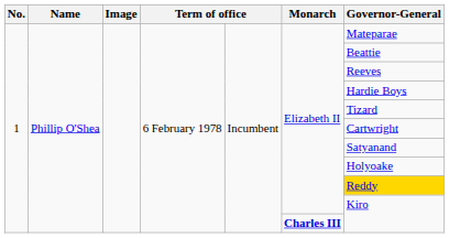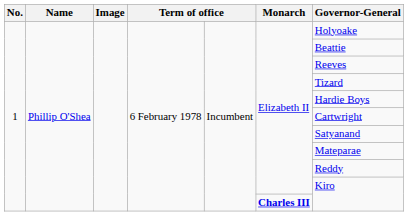 <table class="wikitable">
 <tr>
 <th>No.</th>
 <th>Name</th>
 <th>Image</th>
 <th colspan="2">Term of office</th>
 <th>Monarch</th>
 <th>Governor-General</th>
 </tr>
 <tr>
 <td rowspan="11" align="center">1</td>
 <td rowspan="11"><a href='#'>Phillip O'Shea</a></td>
 <td rowspan="11" align="center"></td>
 <td rowspan="11">6 February 1978</td>
 <td rowspan="11">Incumbent</td>
 <td rowspan="10"><a href='#'>Elizabeth II</a></td>
-<td><a href='#'>Mateparae</a></td>
+<td><a href='#'>Holyoake</a></td>
 </tr>
 <tr>
 <td><a href='#'>Beattie</a></td>
 </tr>
 <tr>
 <td><a href='#'>Reeves</a></td>
 </tr>
 <tr>
-<td><a href='#'>Hardie Boys</a></td>
+<td><a href='#'>Tizard</a></td>
 </tr>
 <tr>
-<td><a href='#'>Tizard</a></td>
+<td><a href='#'>Hardie Boys</a></td>
 </tr>
 <tr>
 <td><a href='#'>Cartwright</a></td>
 </tr>
 <tr>
 <td><a href='#'>Satyanand</a></td>
 </tr>
 <tr>
-<td><a href='#'>Holyoake</a></td>
+<td><a href='#'>Mateparae</a></td>
 </tr>
 <tr>
-<td style="background: gold;"><a href='#'>Reddy</a></td>
+<td><a href='#'>Reddy</a></td>
 </tr>
 <tr>
 <td style='border-style: none solid none solid ;'><a href='#'>Kiro</a></td>
 </tr>
 <tr>
 <td><strong><a href='#'>Charles III</a></strong></td>
 <td style='border-style: none solid solid solid;'></td>
 </tr>
 </table>
